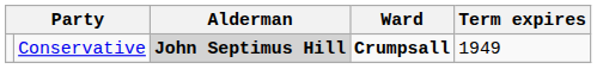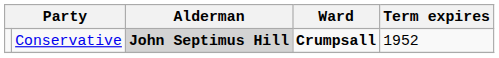 <table class="wikitable">
 <tr>
 <th colspan="2">Party</th>
 <th>Alderman</th>
 <th>Ward</th>
 <th>Term expires</th>
 </tr>
 <tr>
 <td style="background-color:"></td>
 <td><a href='#'>Conservative</a></td>
 <td style="background: lightgrey;"><strong>John Septimus Hill</strong></td>
 <td><strong>Crumpsall</strong></td>
-<td>1949</td>
+<td>1952</td>
 </tr>
 <tr>
 </tr>
 </table>
